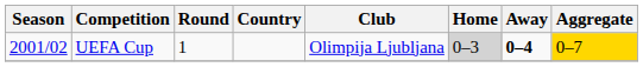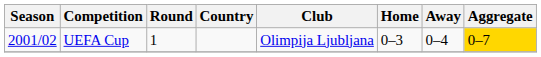 <table class="wikitable">
 <tr>
 <th>Season</th>
 <th>Competition</th>
 <th>Round</th>
 <th>Country</th>
 <th>Club</th>
 <th>Home</th>
 <th>Away</th>
 <th>Aggregate</th>
 </tr>
 <tr>
 <td><a href='#'>2001/02</a></td>
 <td><a href='#'>UEFA Cup</a></td>
 <td>1</td>
 <td></td>
 <td><a href='#'>Olimpija Ljubljana</a></td>
-<td style="background: lightgrey;">0–3</td>
-<td><strong>0–4</strong></td>
+<td>0–3</td>
+<td>0–4</td>
 <td style="background: gold;">0–7</td>
 </tr>
 <tr>
 </tr>
 </table>
